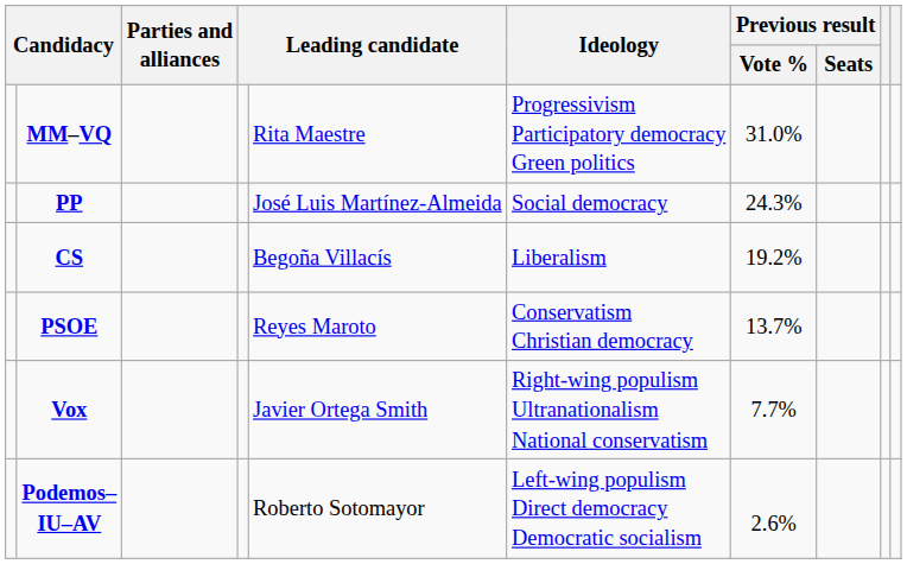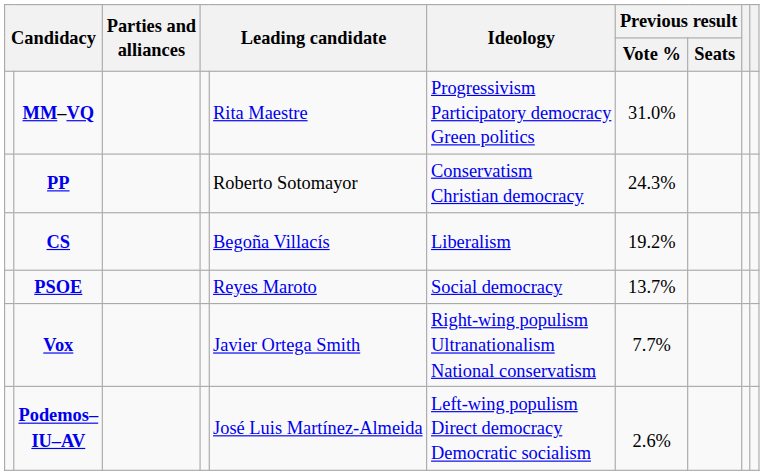 <table class="wikitable" style="line-height:1.35em; text-align:left;">
 <tr>
 <th colspan="2" rowspan="2">Candidacy</th>
 <th rowspan="2">Parties and<br>alliances</th>
 <th colspan="2" rowspan="2">Leading candidate</th>
 <th rowspan="2">Ideology</th>
 <th colspan="2">Previous result</th>
 <th rowspan="2"></th>
 <th rowspan="2"></th>
 </tr>
 <tr>
 <th>Vote %</th>
 <th>Seats</th>
 </tr>
 <tr>
 <td width="1" style="color:inherit;background:"></td>
 <td align="center"><strong><a href='#'>MM</a>–<a href='#'>VQ</a></strong></td>
 <td></td>
 <td></td>
 <td><a href='#'>Rita Maestre</a></td>
 <td><a href='#'>Progressivism</a><br><a href='#'>Participatory democracy</a><br><a href='#'>Green politics</a></td>
 <td align="center">31.0%</td>
 <td></td>
 <td></td>
 <td></td>
 </tr>
 <tr>
 <td style="color:inherit;background:"></td>
 <td align="center"><strong><a href='#'>PP</a></strong></td>
 <td></td>
 <td></td>
-<td><a href='#'>José Luis Martínez-Almeida</a></td>
-<td><a href='#'>Social democracy</a></td>
+<td>Roberto Sotomayor</td>
+<td><a href='#'>Conservatism</a><br><a href='#'>Christian democracy</a></td>
 <td align="center">24.3%</td>
 <td></td>
 <td></td>
 <td></td>
 </tr>
 <tr>
 <td style="color:inherit;background:"></td>
 <td align="center"><strong><a href='#'>CS</a></strong></td>
 <td></td>
 <td></td>
 <td><a href='#'>Begoña Villacís</a></td>
 <td><a href='#'>Liberalism</a></td>
 <td align="center">19.2%</td>
 <td></td>
 <td></td>
 <td><br><br></td>
 </tr>
 <tr>
 <td style="color:inherit;background:"></td>
 <td align="center"><strong><a href='#'>PSOE</a></strong></td>
 <td></td>
 <td></td>
 <td><a href='#'>Reyes Maroto</a></td>
-<td><a href='#'>Conservatism</a><br><a href='#'>Christian democracy</a></td>
+<td><a href='#'>Social democracy</a></td>
 <td align="center">13.7%</td>
 <td></td>
 <td></td>
 <td></td>
 </tr>
 <tr>
 <td style="color:inherit;background:"></td>
 <td align="center"><strong><a href='#'>Vox</a></strong></td>
 <td></td>
 <td></td>
 <td><a href='#'>Javier Ortega Smith</a></td>
 <td><a href='#'>Right-wing populism</a><br><a href='#'>Ultranationalism</a><br><a href='#'>National conservatism</a></td>
 <td align="center">7.7%</td>
 <td></td>
 <td></td>
 <td></td>
 </tr>
 <tr>
 <td style="color:inherit;background:"></td>
 <td align="center"><strong><a href='#'>Podemos–<br>IU–AV</a></strong></td>
 <td></td>
 <td></td>
-<td>Roberto Sotomayor</td>
+<td><a href='#'>José Luis Martínez-Almeida</a></td>
 <td><a href='#'>Left-wing populism</a><br><a href='#'>Direct democracy</a><br><a href='#'>Democratic socialism</a></td>
 <td align="center"><br>2.6%<br></td>
 <td></td>
 <td></td>
 <td></td>
 </tr>
 </table>
